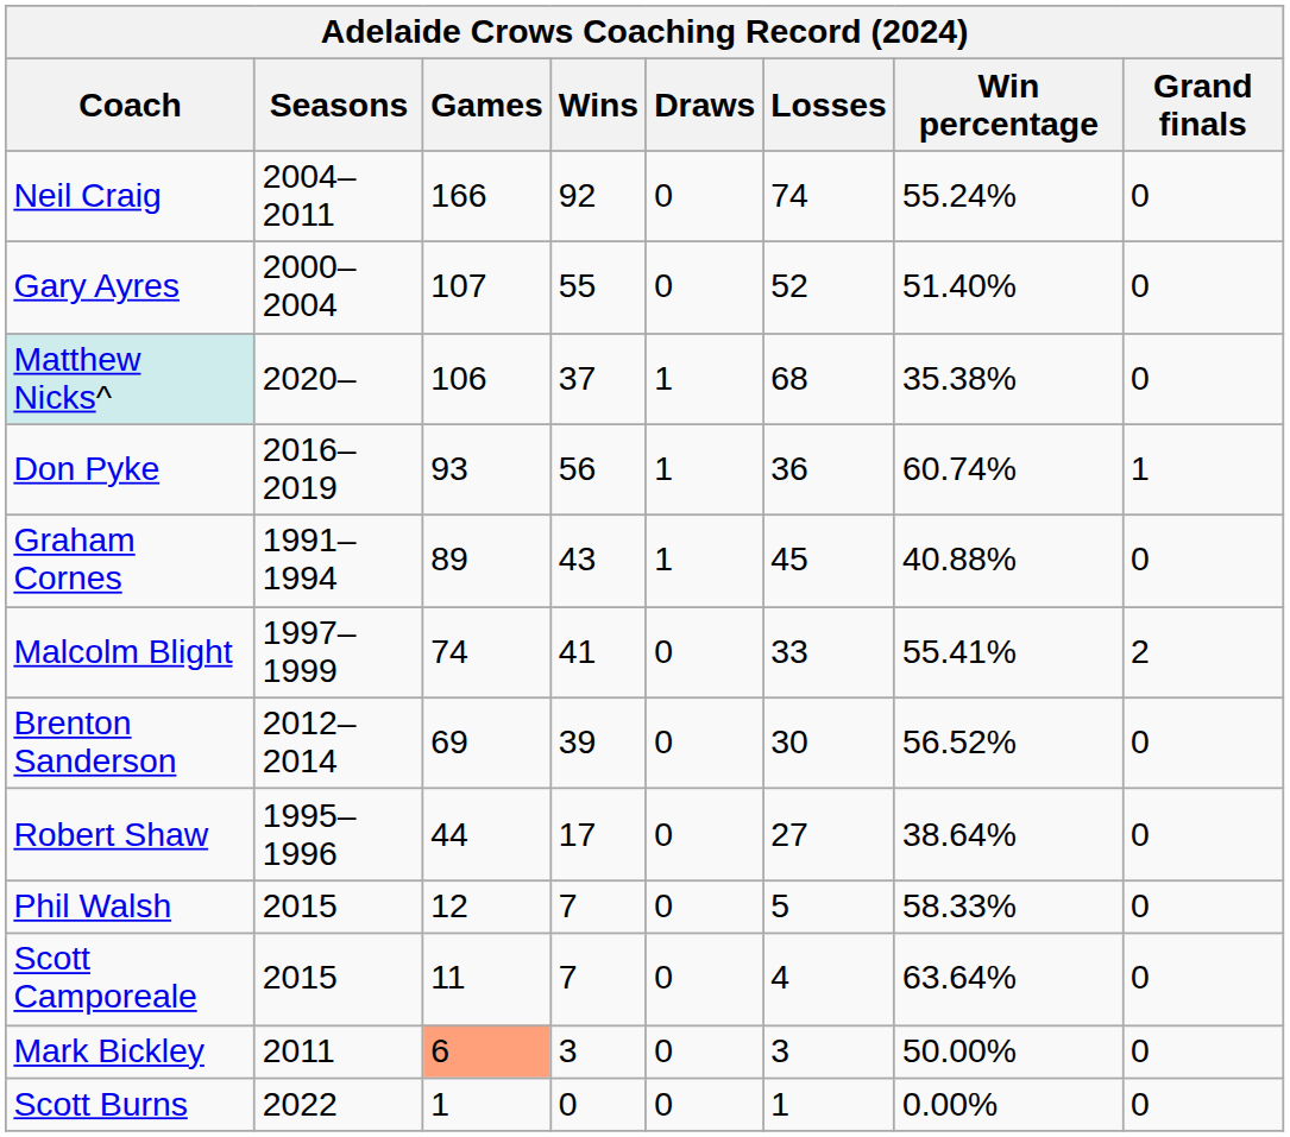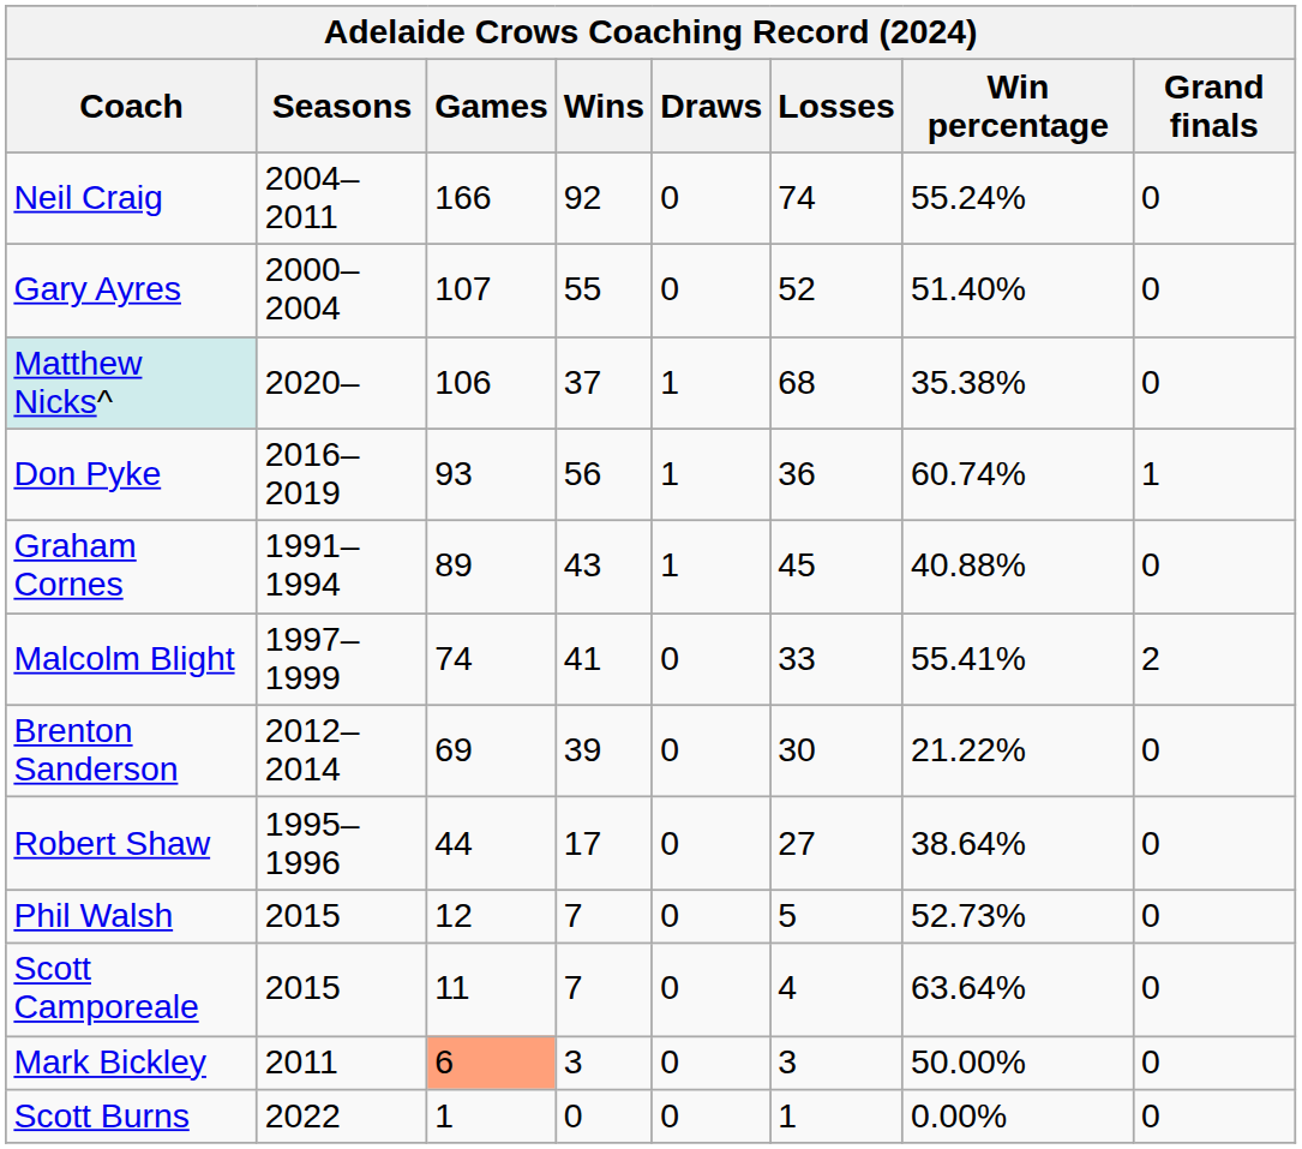 <table class="wikitable sortable">
 <tr>
 <th colspan=8>Adelaide Crows Coaching Record (2024)</th>
 </tr>
 <tr>
 <th>Coach</th>
 <th>Seasons</th>
 <th>Games</th>
 <th>Wins</th>
 <th>Draws</th>
 <th>Losses</th>
 <th>Win percentage</th>
 <th>Grand finals</th>
 </tr>
 <tr>
 <td><a href='#'>Neil Craig</a></td>
 <td>2004–2011</td>
 <td>166</td>
 <td>92</td>
 <td>0</td>
 <td>74</td>
 <td>55.24%</td>
 <td>0</td>
 </tr>
 <tr>
 <td><a href='#'>Gary Ayres</a></td>
 <td>2000–2004</td>
 <td>107</td>
 <td>55</td>
 <td>0</td>
 <td>52</td>
 <td>51.40%</td>
 <td>0</td>
 </tr>
 <tr>
 <td style="background-color:#CFECEC"><a href='#'>Matthew Nicks</a>^</td>
 <td>2020–</td>
 <td>106</td>
 <td>37</td>
 <td>1</td>
 <td>68</td>
 <td>35.38%</td>
 <td>0</td>
 </tr>
 <tr>
 <td><a href='#'>Don Pyke</a></td>
 <td>2016–2019</td>
 <td>93</td>
 <td>56</td>
 <td>1</td>
 <td>36</td>
 <td>60.74%</td>
 <td>1</td>
 </tr>
 <tr>
 <td><a href='#'>Graham Cornes</a></td>
 <td>1991–1994</td>
 <td>89</td>
 <td>43</td>
 <td>1</td>
 <td>45</td>
 <td>40.88%</td>
 <td>0</td>
 </tr>
 <tr>
 <td><a href='#'>Malcolm Blight</a></td>
 <td>1997–1999</td>
 <td>74</td>
 <td>41</td>
 <td>0</td>
 <td>33</td>
 <td>55.41%</td>
 <td>2</td>
 </tr>
 <tr>
 <td><a href='#'>Brenton Sanderson</a></td>
 <td>2012–2014</td>
 <td>69</td>
 <td>39</td>
 <td>0</td>
 <td>30</td>
-<td>56.52%</td>
+<td>21.22%</td>
 <td>0</td>
 </tr>
 <tr>
 <td><a href='#'>Robert Shaw</a></td>
 <td>1995–1996</td>
 <td>44</td>
 <td>17</td>
 <td>0</td>
 <td>27</td>
 <td>38.64%</td>
 <td>0</td>
 </tr>
 <tr>
 <td><a href='#'>Phil Walsh</a></td>
 <td>2015</td>
 <td>12</td>
 <td>7</td>
 <td>0</td>
 <td>5</td>
-<td>58.33%</td>
+<td>52.73%</td>
 <td>0</td>
 </tr>
 <tr>
 <td><a href='#'>Scott Camporeale</a></td>
 <td>2015</td>
 <td>11</td>
 <td>7</td>
 <td>0</td>
 <td>4</td>
 <td>63.64%</td>
 <td>0</td>
 </tr>
 <tr>
 <td><a href='#'>Mark Bickley</a></td>
 <td>2011</td>
 <td style="background: lightsalmon;">6</td>
 <td>3</td>
 <td>0</td>
 <td>3</td>
 <td>50.00%</td>
 <td>0</td>
 </tr>
 <tr>
 <td><a href='#'>Scott Burns</a></td>
 <td>2022</td>
 <td>1</td>
 <td>0</td>
 <td>0</td>
 <td>1</td>
 <td>0.00%</td>
 <td>0</td>
 </tr>
 </table>
